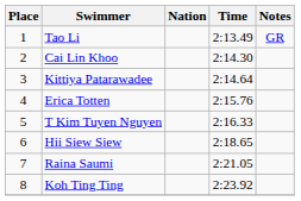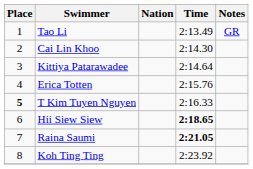 <table class="wikitable sortable" style="text-align:center">
 <tr>
 <th>Place</th>
 <th>Swimmer</th>
 <th>Nation</th>
 <th>Time</th>
 <th>Notes</th>
 </tr>
 <tr>
 <td>1</td>
 <td align=left><a href='#'>Tao Li</a></td>
 <td align=left></td>
 <td>2:13.49</td>
 <td><a href='#'>GR</a></td>
 </tr>
 <tr>
 <td>2</td>
 <td align=left><a href='#'>Cai Lin Khoo</a></td>
 <td align=left></td>
 <td>2:14.30</td>
 <td></td>
 </tr>
 <tr>
 <td>3</td>
 <td align=left><a href='#'>Kittiya Patarawadee</a></td>
 <td align=left></td>
 <td>2:14.64</td>
 <td></td>
 </tr>
 <tr>
 <td>4</td>
 <td align=left><a href='#'>Erica Totten</a></td>
 <td align=left></td>
 <td>2:15.76</td>
 <td></td>
 </tr>
 <tr>
-<td>5</td>
+<td><strong>5</strong></td>
 <td align=left><a href='#'>T Kim Tuyen Nguyen</a></td>
 <td align=left></td>
 <td>2:16.33</td>
 <td></td>
 </tr>
 <tr>
 <td>6</td>
 <td align=left><a href='#'>Hii Siew Siew</a></td>
 <td align=left></td>
-<td>2:18.65</td>
+<td><strong>2:18.65</strong></td>
 <td></td>
 </tr>
 <tr>
 <td>7</td>
 <td align=left><a href='#'>Raina Saumi</a></td>
 <td align=left></td>
-<td>2:21.05</td>
+<td><strong>2:21.05</strong></td>
 <td></td>
 </tr>
 <tr>
 <td>8</td>
 <td align=left><a href='#'>Koh Ting Ting</a></td>
 <td align=left></td>
 <td>2:23.92</td>
 <td></td>
 </tr>
 <tr>
 </tr>
 </table>
